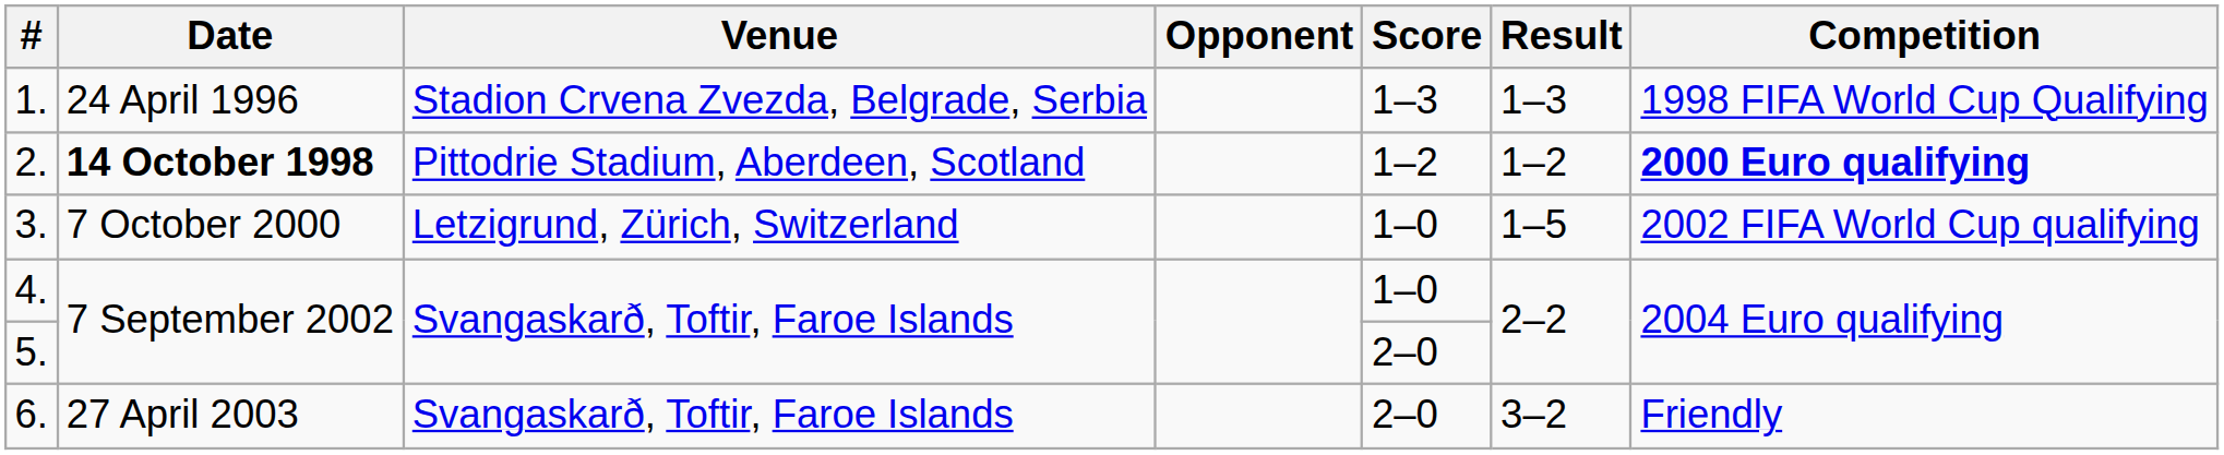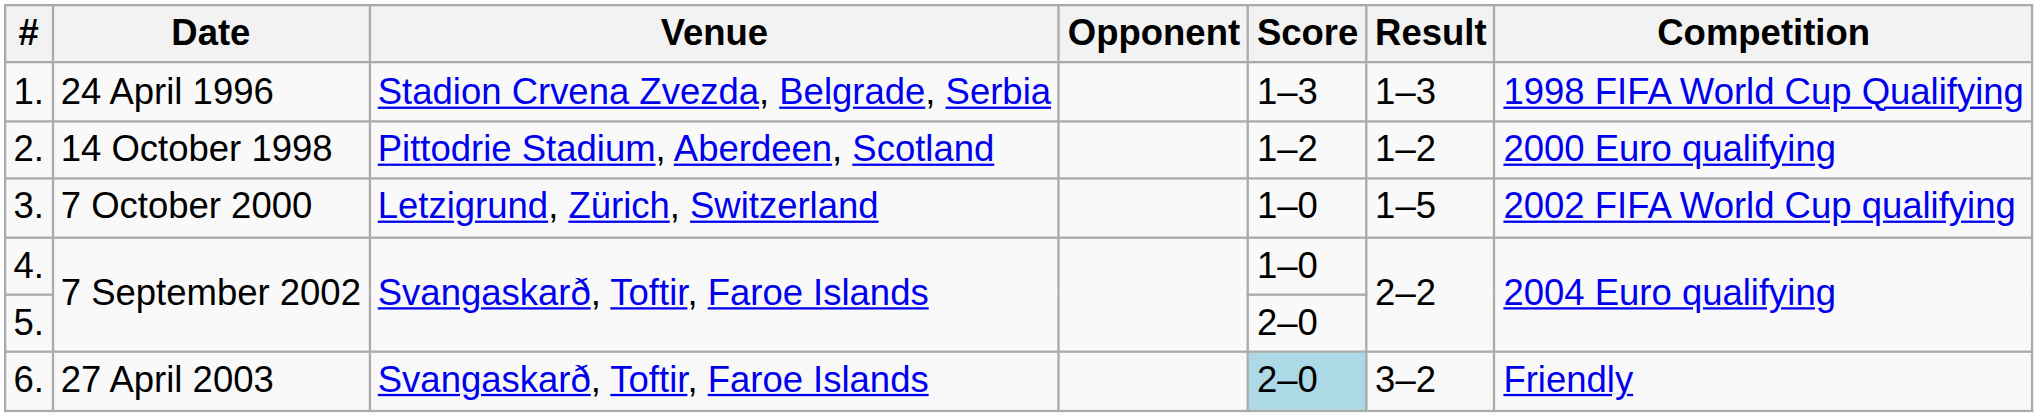 <table class="wikitable sortable">
 <tr>
 <th>#</th>
 <th>Date</th>
 <th>Venue</th>
 <th>Opponent</th>
 <th>Score</th>
 <th>Result</th>
 <th>Competition</th>
 </tr>
 <tr>
 <td>1.</td>
 <td>24 April 1996</td>
 <td><a href='#'>Stadion Crvena Zvezda</a>, <a href='#'>Belgrade</a>, <a href='#'>Serbia</a></td>
 <td></td>
 <td>1–3</td>
 <td>1–3</td>
 <td><a href='#'>1998 FIFA World Cup Qualifying</a></td>
 </tr>
 <tr>
 <td>2.</td>
-<td><strong>14 October 1998</strong></td>
+<td>14 October 1998</td>
 <td><a href='#'>Pittodrie Stadium</a>, <a href='#'>Aberdeen</a>, <a href='#'>Scotland</a></td>
 <td></td>
 <td>1–2</td>
 <td>1–2</td>
-<td><strong><a href='#'>2000 Euro qualifying</a></strong></td>
+<td><a href='#'>2000 Euro qualifying</a></td>
 </tr>
 <tr>
 <td>3.</td>
 <td>7 October 2000</td>
 <td><a href='#'>Letzigrund</a>, <a href='#'>Zürich</a>, <a href='#'>Switzerland</a></td>
 <td></td>
 <td>1–0</td>
 <td>1–5</td>
 <td><a href='#'>2002 FIFA World Cup qualifying</a></td>
 </tr>
 <tr>
 <td>4.</td>
 <td rowspan=2>7 September 2002</td>
 <td rowspan=2><a href='#'>Svangaskarð</a>, <a href='#'>Toftir</a>, <a href='#'>Faroe Islands</a></td>
 <td rowspan=2></td>
 <td>1–0</td>
 <td rowspan=2>2–2</td>
 <td rowspan=2><a href='#'>2004 Euro qualifying</a></td>
 </tr>
 <tr>
 <td>5.</td>
 <td>2–0</td>
 </tr>
 <tr>
 <td>6.</td>
 <td>27 April 2003</td>
 <td><a href='#'>Svangaskarð</a>, <a href='#'>Toftir</a>, <a href='#'>Faroe Islands</a></td>
 <td></td>
-<td>2–0</td>
+<td style="background: lightblue;">2–0</td>
 <td>3–2</td>
 <td><a href='#'>Friendly</a></td>
 </tr>
 </table>
